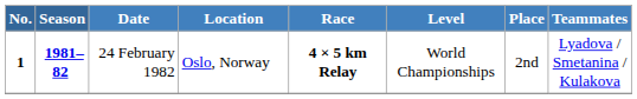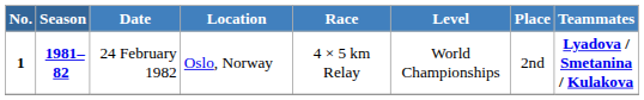 <table class="wikitable sortable" style="font-size:95%; text-align:center; border:grey solid 1px; border-collapse:collapse; background:#ffffff;">
 <tr style="background:#efefef;">
 <th style="background-color:#369; color:white;">No.</th>
 <th style="background-color:#369; color:white;">Season</th>
 <th style="background-color:#4180be; color:white; width:120px;">Date</th>
 <th style="background-color:#4180be; color:white; width:170px;">Location</th>
 <th style="background-color:#4180be; color:white; width:170px;">Race</th>
 <th style="background-color:#4180be; color:white; width:130px;">Level</th>
 <th style="background-color:#4180be; color:white;">Place</th>
 <th style="background-color:#4180be; color:white;">Teammates</th>
 </tr>
 <tr>
 <td align=center><strong>1</strong></td>
 <td rowspan=1 align=center><strong> <a href='#'>1981–82</a> </strong></td>
 <td align=right>24 February 1982</td>
 <td align=left> <a href='#'>Oslo</a>, Norway</td>
-<td><strong>4 × 5 km Relay</strong></td>
+<td>4 × 5 km Relay</td>
 <td>World Championships</td>
 <td>2nd</td>
-<td><a href='#'>Lyadova</a> / <a href='#'>Smetanina</a> / <a href='#'>Kulakova</a></td>
+<td><strong><a href='#'>Lyadova</a> / <a href='#'>Smetanina</a> / <a href='#'>Kulakova</a></strong></td>
 </tr>
 <tr>
 </tr>
 </table>
